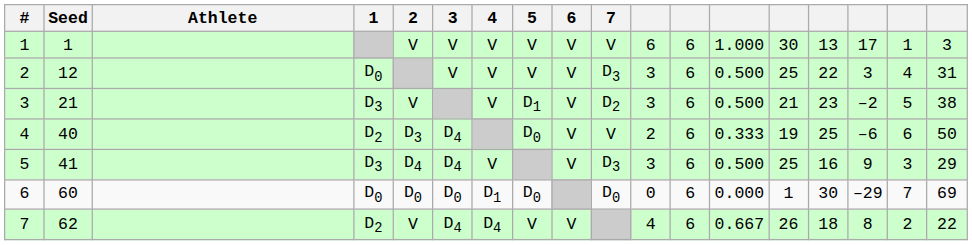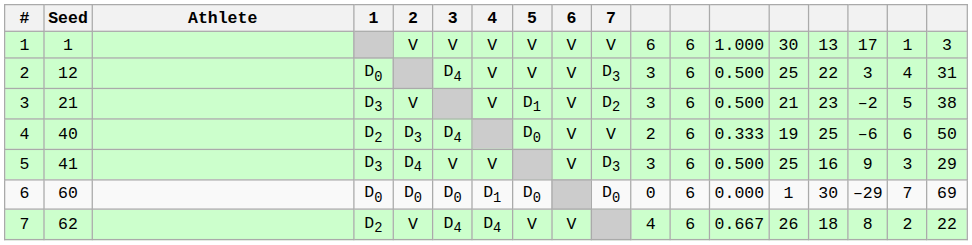 <table class="wikitable" style="text-align:center">
 <tr>
 <th width="25">#</th>
 <th width="25">Seed</th>
 <th width="200">Athlete</th>
 <th width="25">1</th>
 <th width="25">2</th>
 <th width="25">3</th>
 <th width="25">4</th>
 <th width="25">5</th>
 <th width="25">6</th>
 <th width="25">7</th>
 <th width="25"></th>
 <th width="25"></th>
 <th width="40"></th>
 <th width="25"></th>
 <th width="25"></th>
 <th width="25"></th>
 <th width="25"></th>
 <th width="25"></th>
 </tr>
 <tr bgcolor="#ccffcc">
 <td>1</td>
 <td>1</td>
 <td align=left></td>
 <td bgcolor="#cccccc"></td>
 <td>V</td>
 <td>V</td>
 <td>V</td>
 <td>V</td>
 <td>V</td>
 <td>V</td>
 <td>6</td>
 <td>6</td>
 <td>1.000</td>
 <td>30</td>
 <td>13</td>
 <td>17</td>
 <td>1</td>
 <td>3</td>
 </tr>
 <tr bgcolor="#ccffcc">
 <td>2</td>
 <td>12</td>
 <td align=left></td>
 <td>D<sub>0</sub></td>
 <td bgcolor="#cccccc"></td>
-<td>V</td>
+<td>D<sub>4</sub></td>
 <td>V</td>
 <td>V</td>
 <td>V</td>
 <td>D<sub>3</sub></td>
 <td>3</td>
 <td>6</td>
 <td>0.500</td>
 <td>25</td>
 <td>22</td>
 <td>3</td>
 <td>4</td>
 <td>31</td>
 </tr>
 <tr bgcolor="#ccffcc">
 <td>3</td>
 <td>21</td>
 <td align=left></td>
 <td>D<sub>3</sub></td>
 <td>V</td>
 <td bgcolor="#cccccc"></td>
 <td>V</td>
 <td>D<sub>1</sub></td>
 <td>V</td>
 <td>D<sub>2</sub></td>
 <td>3</td>
 <td>6</td>
 <td>0.500</td>
 <td>21</td>
 <td>23</td>
 <td>–2</td>
 <td>5</td>
 <td>38</td>
 </tr>
 <tr bgcolor="#ccffcc">
 <td>4</td>
 <td>40</td>
 <td align=left></td>
 <td>D<sub>2</sub></td>
 <td>D<sub>3</sub></td>
 <td>D<sub>4</sub></td>
 <td bgcolor="#cccccc"></td>
 <td>D<sub>0</sub></td>
 <td>V</td>
 <td>V</td>
 <td>2</td>
 <td>6</td>
 <td>0.333</td>
 <td>19</td>
 <td>25</td>
 <td>–6</td>
 <td>6</td>
 <td>50</td>
 </tr>
 <tr bgcolor="#ccffcc">
 <td>5</td>
 <td>41</td>
 <td align=left></td>
 <td>D<sub>3</sub></td>
 <td>D<sub>4</sub></td>
-<td>D<sub>4</sub></td>
+<td>V</td>
 <td>V</td>
 <td bgcolor="#cccccc"></td>
 <td>V</td>
 <td>D<sub>3</sub></td>
 <td>3</td>
 <td>6</td>
 <td>0.500</td>
 <td>25</td>
 <td>16</td>
 <td>9</td>
 <td>3</td>
 <td>29</td>
 </tr>
 <tr>
 <td>6</td>
 <td>60</td>
 <td align=left></td>
 <td>D<sub>0</sub></td>
 <td>D<sub>0</sub></td>
 <td>D<sub>0</sub></td>
 <td>D<sub>1</sub></td>
 <td>D<sub>0</sub></td>
 <td bgcolor="#cccccc"></td>
 <td>D<sub>0</sub></td>
 <td>0</td>
 <td>6</td>
 <td>0.000</td>
 <td>1</td>
 <td>30</td>
 <td>–29</td>
 <td>7</td>
 <td>69</td>
 </tr>
 <tr bgcolor="#ccffcc">
 <td>7</td>
 <td>62</td>
 <td align=left></td>
 <td>D<sub>2</sub></td>
 <td>V</td>
 <td>D<sub>4</sub></td>
 <td>D<sub>4</sub></td>
 <td>V</td>
 <td>V</td>
 <td bgcolor="#cccccc"></td>
 <td>4</td>
 <td>6</td>
 <td>0.667</td>
 <td>26</td>
 <td>18</td>
 <td>8</td>
 <td>2</td>
 <td>22</td>
 </tr>
 </table>
